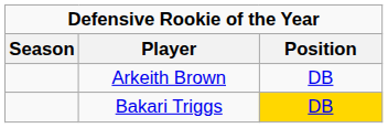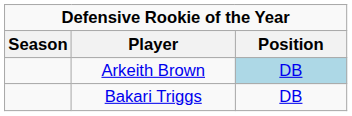 <table class="wikitable sortable" style="text-align:center">
 <tr>
 <td colspan="4"><strong>Defensive Rookie of the Year</strong></td>
 </tr>
 <tr>
 <th style="width:50px; ">Season</th>
 <th style="width:150px; ">Player</th>
 <th style="width:100px; ">Position</th>
 </tr>
 <tr>
 <td></td>
 <td><a href='#'>Arkeith Brown</a></td>
-<td><a href='#'>DB</a></td>
+<td style="background: lightblue;"><a href='#'>DB</a></td>
 </tr>
 <tr>
 <td></td>
 <td><a href='#'>Bakari Triggs</a></td>
-<td style="background: gold;"><a href='#'>DB</a></td>
+<td><a href='#'>DB</a></td>
 </tr>
 </table>
